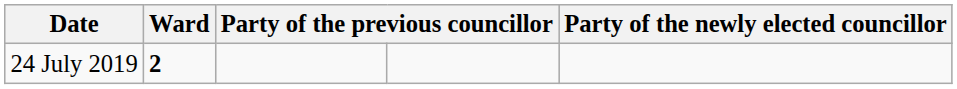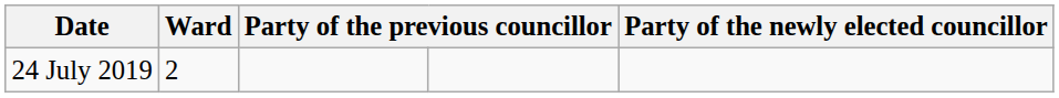 <table class="wikitable">
 <tr>
 <th>Date</th>
 <th>Ward</th>
 <th colspan=2>Party of the previous councillor</th>
 <th colspan=2>Party of the newly elected councillor</th>
 </tr>
 <tr>
 <td>24 July 2019</td>
-<td><strong>2</strong></td>
+<td>2</td>
 <td></td>
 <td></td>
 </tr>
 </table>
